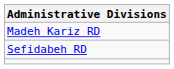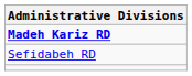 <table class="wikitable">
 <tr>
 <th>Administrative Divisions</th>
 </tr>
 <tr>
-<td><a href='#'>Madeh Kariz RD</a></td>
+<td><strong><a href='#'>Madeh Kariz RD</a></strong></td>
 </tr>
 <tr>
 <td><a href='#'>Sefidabeh RD</a></td>
 </tr>
 <tr>
 <td colspan=1></td>
 </tr>
 </table>
